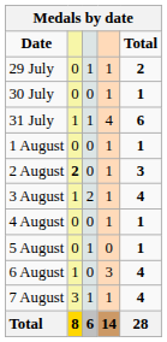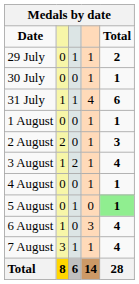 <table class="wikitable" style="text-align:center;font-size:90%">
 <tr style="background:#efefef;">
 <th colspan=7>Medals by date</th>
 </tr>
 <tr>
 <td><strong>Date</strong></td>
 <td bgcolor=#f7f6a8></td>
 <td bgcolor=#dce5e5></td>
 <td bgcolor=#ffdab9></td>
 <td><strong>Total</strong></td>
 </tr>
 <tr>
 <td style="text-align:left;">29 July</td>
 <td style="background:#F7F6A8;">0</td>
 <td style="background:#DCE5E5;">1</td>
 <td style="background:#FFDAB9;">1</td>
 <td><strong>2</strong></td>
 </tr>
 <tr>
 <td style="text-align:left;">30 July</td>
 <td style="background:#F7F6A8;">0</td>
 <td style="background:#DCE5E5;">0</td>
 <td style="background:#FFDAB9;">1</td>
 <td><strong>1</strong></td>
 </tr>
 <tr>
 <td style="text-align:left;">31 July</td>
 <td style="background:#F7F6A8;">1</td>
 <td style="background:#DCE5E5;">1</td>
 <td style="background:#FFDAB9;">4</td>
 <td><strong>6</strong></td>
 </tr>
 <tr>
 <td style="text-align:left;">1 August</td>
 <td style="background:#F7F6A8;">0</td>
 <td style="background:#DCE5E5;">0</td>
 <td style="background:#FFDAB9;">1</td>
 <td><strong>1</strong></td>
 </tr>
 <tr>
 <td style="text-align:left;">2 August</td>
-<td style="background:#F7F6A8;"><strong>2</strong></td>
+<td style="background:#F7F6A8;">2</td>
 <td style="background:#DCE5E5;">0</td>
 <td style="background:#FFDAB9;">1</td>
 <td><strong>3</strong></td>
 </tr>
 <tr>
 <td style="text-align:left;">3 August</td>
 <td style="background:#F7F6A8;">1</td>
 <td style="background:#DCE5E5;">2</td>
 <td style="background:#FFDAB9;">1</td>
 <td><strong>4</strong></td>
 </tr>
 <tr>
 <td style="text-align:left;">4 August</td>
 <td style="background:#F7F6A8;">0</td>
 <td style="background:#DCE5E5;">0</td>
 <td style="background:#FFDAB9;">1</td>
 <td><strong>1</strong></td>
 </tr>
 <tr>
 <td style="text-align:left;">5 August</td>
 <td style="background:#F7F6A8;">0</td>
 <td style="background:#DCE5E5;">1</td>
 <td style="background:#FFDAB9;">0</td>
-<td><strong>1</strong></td>
+<td style="background: lightgreen;"><strong>1</strong></td>
 </tr>
 <tr>
 <td style="text-align:left;">6 August</td>
 <td style="background:#F7F6A8;">1</td>
 <td style="background:#DCE5E5;">0</td>
 <td style="background:#FFDAB9;">3</td>
 <td><strong>4</strong></td>
 </tr>
 <tr>
 <td style="text-align:left;">7 August</td>
 <td style="background:#F7F6A8;">3</td>
 <td style="background:#DCE5E5;">1</td>
 <td style="background:#FFDAB9;">1</td>
 <td><strong>4</strong></td>
 </tr>
 <tr>
 <th style="text-align:left;">Total</th>
 <th style="background:gold;">8</th>
 <th style="background:silver;">6</th>
 <th style="background:#c96;">14</th>
 <th>28</th>
 </tr>
 </table>
